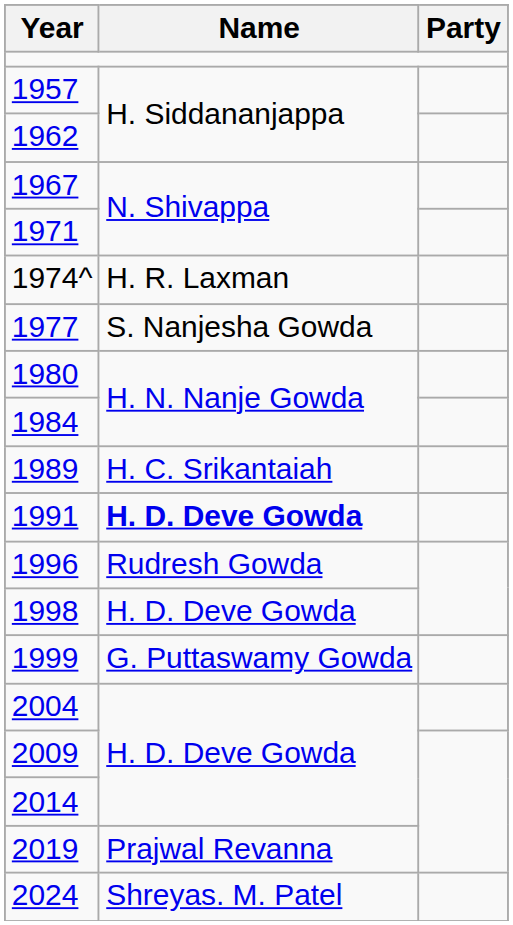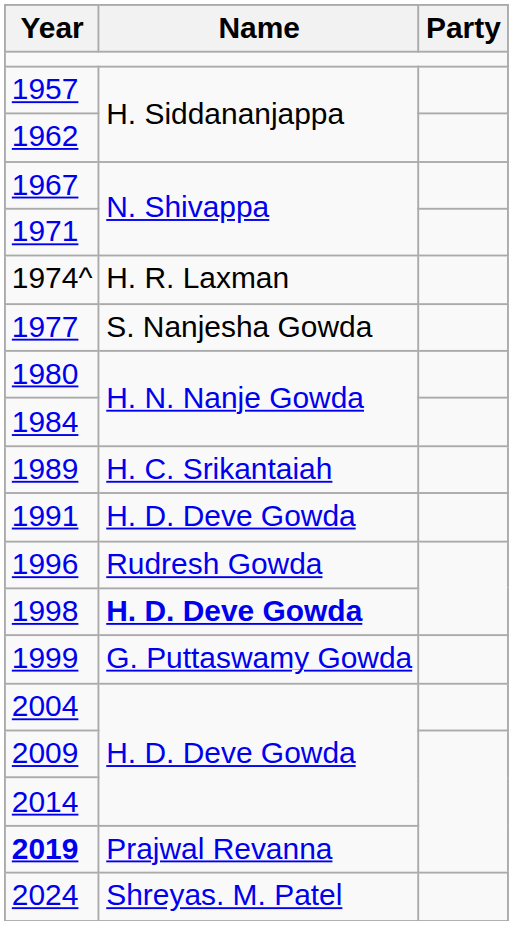 <table class="wikitable sortable">
 <tr>
 <th>Year</th>
 <th>Name</th>
 <th colspan="2">Party</th>
 </tr>
 <tr>
 <td colspan="4"></td>
 </tr>
 <tr>
 <td><a href='#'>1957</a></td>
 <td rowspan="2">H. Siddananjappa</td>
 <td></td>
 </tr>
 <tr>
 <td><a href='#'>1962</a></td>
 </tr>
 <tr>
 <td><a href='#'>1967</a></td>
 <td rowspan="2"><a href='#'>N. Shivappa</a></td>
 <td></td>
 </tr>
 <tr>
 <td><a href='#'>1971</a></td>
 <td></td>
 </tr>
 <tr>
 <td>1974^</td>
 <td>H. R. Laxman</td>
 </tr>
 <tr>
 <td><a href='#'>1977</a></td>
 <td>S. Nanjesha Gowda</td>
 <td></td>
 </tr>
 <tr>
 <td><a href='#'>1980</a></td>
 <td rowspan="2"><a href='#'>H. N. Nanje Gowda</a></td>
 <td></td>
 </tr>
 <tr>
 <td><a href='#'>1984</a></td>
 <td></td>
 </tr>
 <tr>
 <td><a href='#'>1989</a></td>
 <td><a href='#'>H. C. Srikantaiah</a></td>
 </tr>
 <tr>
 <td><a href='#'>1991</a></td>
-<td><strong><a href='#'>H. D. Deve Gowda</a></strong></td>
+<td><a href='#'>H. D. Deve Gowda</a></td>
 <td></td>
 </tr>
 <tr>
 <td><a href='#'>1996</a></td>
 <td><a href='#'>Rudresh Gowda</a></td>
 </tr>
 <tr>
 <td><a href='#'>1998</a></td>
-<td><a href='#'>H. D. Deve Gowda</a></td>
+<td><strong><a href='#'>H. D. Deve Gowda</a></strong></td>
 </tr>
 <tr>
 <td><a href='#'>1999</a></td>
 <td><a href='#'>G. Puttaswamy Gowda</a></td>
 <td></td>
 </tr>
 <tr>
 <td><a href='#'>2004</a></td>
 <td rowspan="3"><a href='#'>H. D. Deve Gowda</a></td>
 <td></td>
 </tr>
 <tr>
 <td><a href='#'>2009</a></td>
 </tr>
 <tr>
 <td><a href='#'>2014</a></td>
 </tr>
 <tr>
-<td><a href='#'>2019</a></td>
+<td><strong><a href='#'>2019</a></strong></td>
 <td><a href='#'>Prajwal Revanna</a></td>
 </tr>
 <tr>
 <td><a href='#'>2024</a></td>
 <td><a href='#'>Shreyas. M. Patel</a></td>
 <td></td>
 </tr>
 <tr>
 </tr>
 </table>
